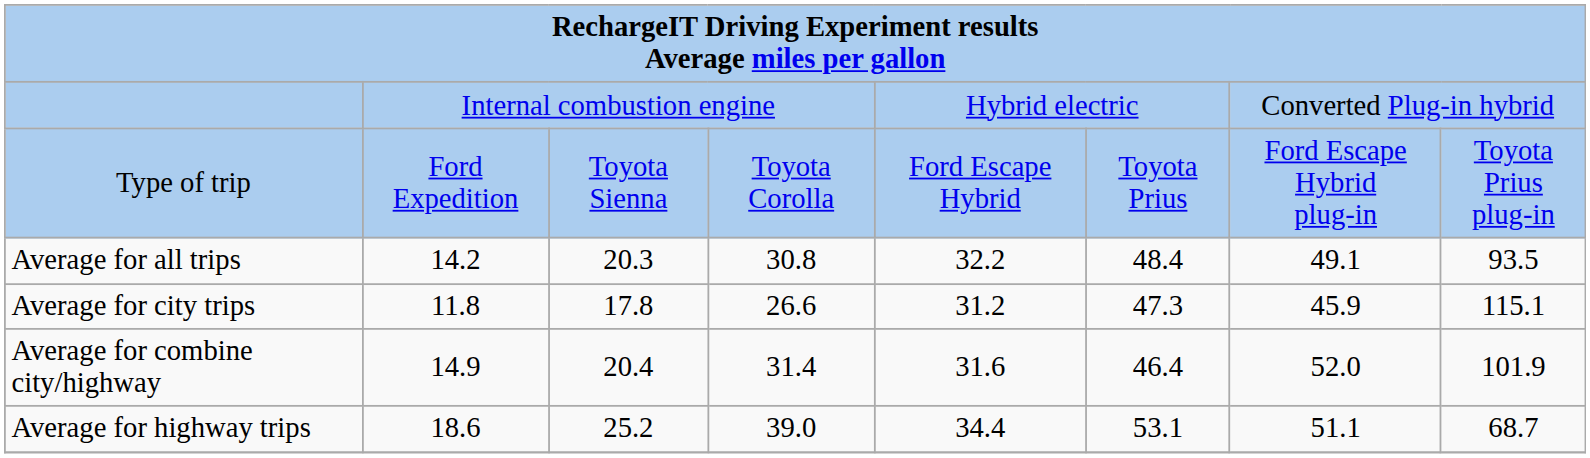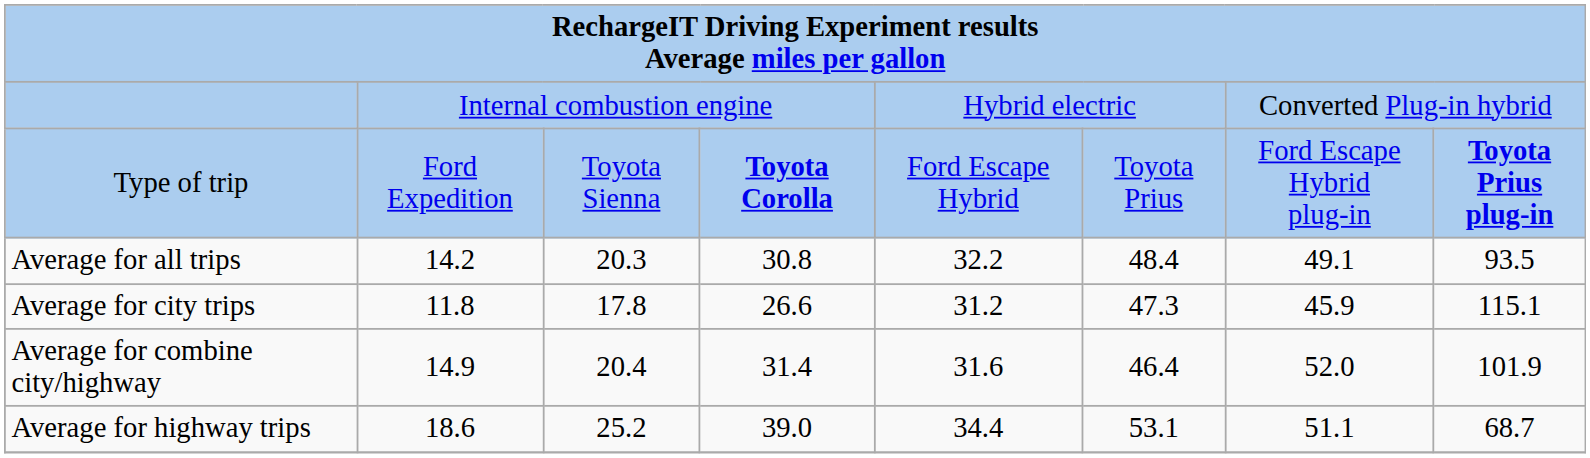 <table class="wikitable" style="margin:1em auto 1em auto;">
 <tr>
 <td colspan="8" style="text-align:center; background:#abcdef;"><strong>RechargeIT Driving Experiment results<br>Average <a href='#'>miles per gallon</a></strong></td>
 </tr>
 <tr>
 <td style="text-align:right; background:#abcdef;"></td>
 <td colspan="3" style="text-align:center; background:#abcdef;"><a href='#'>Internal combustion engine</a></td>
 <td colspan="2" style="text-align:center; background:#abcdef;"><a href='#'>Hybrid electric</a></td>
 <td colspan="2" style="text-align:center; background:#abcdef;">Converted <a href='#'>Plug-in hybrid</a></td>
 </tr>
 <tr style="text-align:center;">
 <td style="background:#abcdef;">Type of trip</td>
 <td style="background:#abcdef;"><a href='#'>Ford Expedition</a></td>
 <td style="background:#abcdef;"><a href='#'>Toyota Sienna</a></td>
-<td style="background:#abcdef;"><a href='#'>Toyota Corolla</a></td>
+<td style="background:#abcdef;"><strong><a href='#'>Toyota Corolla</a></strong></td>
 <td style="background:#abcdef;"><a href='#'>Ford Escape Hybrid</a></td>
 <td style="background:#abcdef;"><a href='#'>Toyota Prius</a></td>
 <td style="background:#abcdef;"><a href='#'>Ford Escape Hybrid</a> <br><a href='#'>plug-in</a></td>
-<td style="background:#abcdef;"><a href='#'>Toyota Prius</a><br><a href='#'>plug-in</a></td>
+<td style="background:#abcdef;"><strong><a href='#'>Toyota Prius</a><br><a href='#'>plug-in</a></strong></td>
 </tr>
 <tr style="text-align:center;">
 <td align=left>Average for all trips</td>
 <td>14.2</td>
 <td>20.3</td>
 <td>30.8</td>
 <td>32.2</td>
 <td>48.4</td>
 <td>49.1</td>
 <td>93.5</td>
 </tr>
 <tr style="text-align:center;">
 <td align=left>Average for city trips</td>
 <td>11.8</td>
 <td>17.8</td>
 <td>26.6</td>
 <td>31.2</td>
 <td>47.3</td>
 <td>45.9</td>
 <td>115.1</td>
 </tr>
 <tr style="text-align:center;">
 <td align=left>Average for combine city/highway</td>
 <td>14.9</td>
 <td>20.4</td>
 <td>31.4</td>
 <td>31.6</td>
 <td>46.4</td>
 <td>52.0</td>
 <td>101.9</td>
 </tr>
 <tr style="text-align:center;">
 <td align=left>Average for highway trips</td>
 <td>18.6</td>
 <td>25.2</td>
 <td>39.0</td>
 <td>34.4</td>
 <td>53.1</td>
 <td>51.1</td>
 <td>68.7</td>
 </tr>
 <tr>
 </tr>
 </table>
